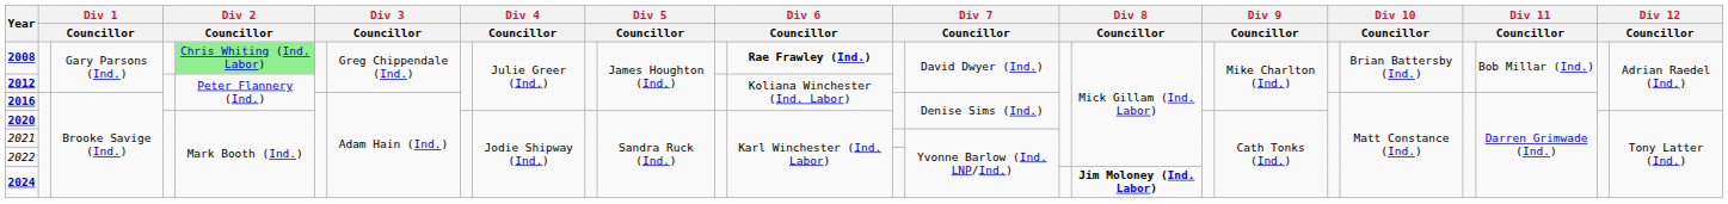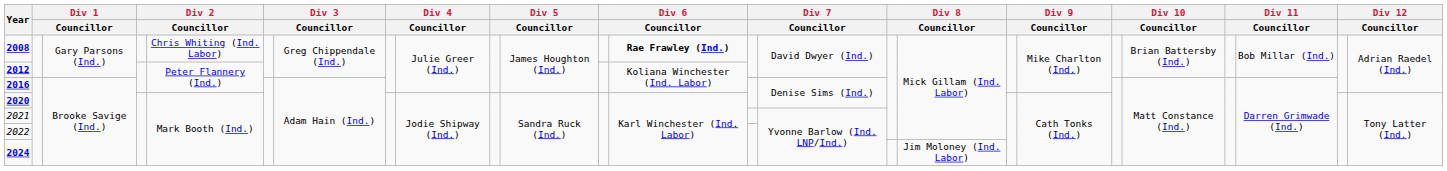 <table class="wikitable">
 <tr>
 <th rowspan="2">Year</th>
 <th style="color:crimson"; colspan="2">Div 1</th>
 <th style="color:crimson"; colspan="2">Div 2</th>
 <th style="color:crimson"; colspan="2">Div 3</th>
 <th style="color:crimson"; colspan="2">Div 4</th>
 <th style="color:crimson"; colspan="2">Div 5</th>
 <th style="color:crimson"; colspan="2">Div 6</th>
 <th style="color:crimson"; colspan="2">Div 7</th>
 <th style="color:crimson"; colspan="2">Div 8</th>
 <th style="color:crimson"; colspan="2">Div 9</th>
 <th style="color:crimson"; colspan="2">Div 10</th>
 <th style="color:crimson"; colspan="2">Div 11</th>
 <th style="color:crimson"; colspan="2">Div 12</th>
 </tr>
 <tr>
 <th colspan="2">Councillor</th>
 <th colspan="2">Councillor</th>
 <th colspan="2">Councillor</th>
 <th colspan="2">Councillor</th>
 <th colspan="2">Councillor</th>
 <th colspan="2">Councillor</th>
 <th colspan="2">Councillor</th>
 <th colspan="2">Councillor</th>
 <th colspan="2">Councillor</th>
 <th colspan="2">Councillor</th>
 <th colspan="2">Councillor</th>
 <th colspan="2">Councillor</th>
 </tr>
 <tr>
 <td><strong><a href='#'>2008</a></strong></td>
 <td rowspan="2" width="1px" > </td>
 <td rowspan="2"; align="center">Gary Parsons (<a href='#'>Ind.</a>)</td>
 <td rowspan="1" width="1px" > </td>
-<td rowspan="1"; align="center" style="background: lightgreen;"><a href='#'>Chris Whiting</a> (<a href='#'>Ind. Labor</a>)</td>
+<td rowspan="1"; align="center"><a href='#'>Chris Whiting</a> (<a href='#'>Ind. Labor</a>)</td>
 <td rowspan="2" width="1px" > </td>
 <td rowspan="2"; align="center">Greg Chippendale (<a href='#'>Ind.</a>)</td>
 <td rowspan="3" width="1px" > </td>
 <td rowspan="3"; align="center">Julie Greer (<a href='#'>Ind.</a>)</td>
 <td rowspan="3" width="1px" > </td>
 <td rowspan="3"; align="center">James Houghton (<a href='#'>Ind.</a>)</td>
 <td rowspan="1" width="1px" > </td>
 <td rowspan="1"; align="center"><strong>Rae Frawley (<a href='#'>Ind.</a>)</strong></td>
 <td rowspan="2" width="1px" > </td>
 <td rowspan="2"; align="center">David Dwyer (<a href='#'>Ind.</a>)</td>
 <td rowspan="6" width="1px" > </td>
 <td rowspan="6"; align="center">Mick Gillam (<a href='#'>Ind. Labor</a>)</td>
 <td rowspan="3" width="1px" > </td>
 <td rowspan="3"; align="center">Mike Charlton (<a href='#'>Ind.</a>)</td>
 <td rowspan="2" width="1px" > </td>
 <td rowspan="2"; align="center">Brian Battersby (<a href='#'>Ind.</a>)</td>
 <td rowspan="2" width="1px" > </td>
 <td rowspan="2"; align="center">Bob Millar (<a href='#'>Ind.</a>)</td>
 <td rowspan="3" width="1px" > </td>
 <td rowspan="3"; align="center">Adrian Raedel (<a href='#'>Ind.</a>)</td>
 </tr>
 <tr>
 <td><strong><a href='#'>2012</a></strong></td>
 <td rowspan="2" width="1px" > </td>
 <td rowspan="2"; align="center"><a href='#'>Peter Flannery</a> (<a href='#'>Ind.</a>)</td>
 <td rowspan="2" width="1px" > </td>
 <td rowspan="2"; align="center">Koliana Winchester (<a href='#'>Ind. Labor</a>)</td>
 </tr>
 <tr>
 <td><strong><a href='#'>2016</a></strong></td>
 <td rowspan="5" width="1px" > </td>
 <td rowspan="5"; align="center">Brooke Savige (<a href='#'>Ind.</a>)</td>
 <td rowspan="5" width="1px" > </td>
 <td rowspan="5"; align="center">Adam Hain (<a href='#'>Ind.</a>)</td>
 <td rowspan="2" width="1px" > </td>
 <td rowspan="2"; align="center">Denise Sims (<a href='#'>Ind.</a>)</td>
 <td rowspan="5" width="1px" > </td>
 <td rowspan="5"; align="center">Matt Constance (<a href='#'>Ind.</a>)</td>
 <td rowspan="5" width="1px" > </td>
 <td rowspan="5"; align="center"><a href='#'>Darren Grimwade</a> (<a href='#'>Ind.</a>)</td>
 </tr>
 <tr>
 <td><strong><a href='#'>2020</a></strong></td>
 <td rowspan="4" width="1px" > </td>
 <td rowspan="4"; align="center">Mark Booth (<a href='#'>Ind.</a>)</td>
 <td rowspan="4" width="1px" > </td>
 <td rowspan="4"; align="center">Jodie Shipway (<a href='#'>Ind.</a>)</td>
 <td rowspan="4" width="1px" > </td>
 <td rowspan="4"; align="center">Sandra Ruck (<a href='#'>Ind.</a>)</td>
 <td rowspan="4" width="1px" > </td>
 <td rowspan="4"; align="center">Karl Winchester (<a href='#'>Ind. Labor</a>)</td>
 <td rowspan="4" width="1px" > </td>
 <td rowspan="4"; align="center">Cath Tonks (<a href='#'>Ind.</a>)</td>
 <td rowspan="4" width="1px" > </td>
 <td rowspan="4"; align="center">Tony Latter (<a href='#'>Ind.</a>)</td>
 </tr>
 <tr>
 <td><em>2021</em></td>
 <td rowspan="1" width="1px" > </td>
 <td rowspan="3"; align="center">Yvonne Barlow (<a href='#'>Ind. LNP</a>/<a href='#'>Ind.</a>)</td>
 </tr>
 <tr>
 <td><em>2022</em></td>
 <td rowspan="2" width="1px" > </td>
 </tr>
 <tr>
 <td><strong><a href='#'>2024</a></strong></td>
 <td rowspan="1" width="1px" > </td>
-<td rowspan="1"; align="center"><strong>Jim Moloney (<a href='#'>Ind. Labor</a>)</strong></td>
+<td rowspan="1"; align="center">Jim Moloney (<a href='#'>Ind. Labor</a>)</td>
 </tr>
 </table>
